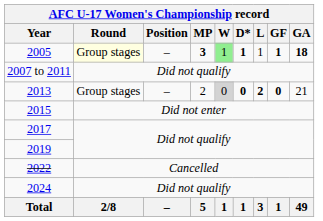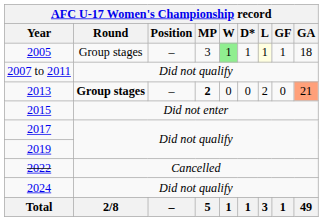 <table class="wikitable" style="text-align: center;">
 <tr>
 <th colspan=10><a href='#'>AFC U-17 Women's Championship</a> record</th>
 </tr>
 <tr>
 <th>Year</th>
 <th>Round</th>
 <th>Position</th>
 <th>MP</th>
 <th>W</th>
 <th>D*</th>
 <th>L</th>
 <th>GF</th>
 <th>GA</th>
 </tr>
 <tr>
 <td> <a href='#'>2005</a></td>
-<td style="background: lightyellow;">Group stages</td>
+<td>Group stages</td>
 <td>–</td>
-<td><strong>3</strong></td>
+<td>3</td>
 <td style="background: lightgreen;">1</td>
-<td><strong>1</strong></td>
 <td>1</td>
-<td><strong>1</strong></td>
-<td><strong>18</strong></td>
+<td style="background: lightyellow;">1</td>
+<td>1</td>
+<td>18</td>
 </tr>
 <tr>
 <td> <a href='#'>2007</a> to   <a href='#'>2011</a></td>
 <td colspan=9><em>Did not qualify</em></td>
 </tr>
 <tr>
 <td> <a href='#'>2013</a></td>
-<td>Group stages</td>
+<td><strong>Group stages</strong></td>
 <td>–</td>
+<td><strong>2</strong></td>
+<td>0</td>
+<td>0</td>
 <td>2</td>
-<td style="background: lightgrey;">0</td>
-<td><strong>0</strong></td>
-<td><strong>2</strong></td>
-<td><strong>0</strong></td>
-<td>21</td>
+<td>0</td>
+<td style="background: lightsalmon;">21</td>
 </tr>
 <tr>
 <td> <a href='#'>2015</a></td>
 <td colspan=9><em>Did not enter</em></td>
 </tr>
 <tr>
 <td> <a href='#'>2017</a></td>
 <td colspan=9 rowspan=2><em>Did not qualify</em></td>
 </tr>
 <tr>
 <td> <a href='#'>2019</a></td>
 </tr>
 <tr>
 <td><s><a href='#'>2022</a></s></td>
 <td colspan=9><em>Cancelled</em></td>
 </tr>
 <tr>
 <td> <a href='#'>2024</a></td>
 <td colspan=9><em>Did not qualify</em></td>
 </tr>
 <tr>
 <th>Total</th>
 <th>2/8</th>
 <th>–</th>
 <th>5</th>
 <th>1</th>
 <th>1</th>
 <th>3</th>
 <th>1</th>
 <th>49</th>
 </tr>
 </table>
